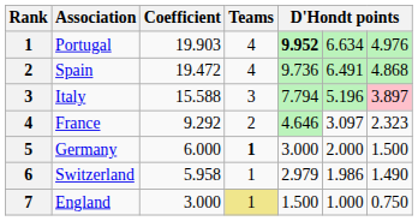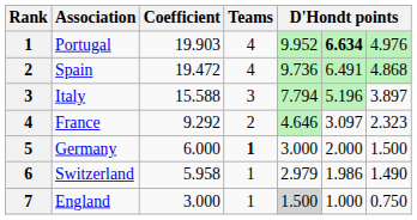 <table class="wikitable">
 <tr>
 <th>Rank</th>
 <th>Association</th>
 <th>Coefficient</th>
 <th>Teams</th>
 <th colspan=4>D'Hondt points</th>
 </tr>
 <tr>
 <th>1</th>
 <td> <a href='#'>Portugal</a></td>
 <td align=right>19.903</td>
 <td align=center>4</td>
-<td align=right bgcolor=#BBF3BB><strong>9.952</strong></td>
-<td align=right bgcolor=#BBF3BB>6.634</td>
+<td align=right bgcolor=#BBF3BB>9.952</td>
+<td align=right bgcolor=#BBF3BB><strong>6.634</strong></td>
 <td align=right bgcolor=#BBF3BB>4.976</td>
 </tr>
 <tr>
 <th>2</th>
 <td> <a href='#'>Spain</a></td>
 <td align=right>19.472</td>
 <td align=center>4</td>
 <td align=right bgcolor=#BBF3BB>9.736</td>
 <td align=right bgcolor=#BBF3BB>6.491</td>
 <td align=right bgcolor=#BBF3BB>4.868</td>
 </tr>
 <tr>
 <th>3</th>
 <td> <a href='#'>Italy</a></td>
 <td align=right>15.588</td>
 <td align=center>3</td>
 <td align=right bgcolor=#BBF3BB>7.794</td>
 <td align=right bgcolor=#BBF3BB>5.196</td>
-<td align=right style="background: pink;">3.897</td>
+<td align=right>3.897</td>
 </tr>
 <tr>
 <th>4</th>
 <td> <a href='#'>France</a></td>
 <td align=right>9.292</td>
 <td align=center>2</td>
 <td align=right bgcolor=#BBF3BB>4.646</td>
 <td align=right>3.097</td>
 <td align=right>2.323</td>
 </tr>
 <tr>
 <th>5</th>
 <td> <a href='#'>Germany</a></td>
 <td align=right>6.000</td>
 <td align=center><strong>1</strong></td>
 <td align=right>3.000</td>
 <td align=right>2.000</td>
 <td align=right>1.500</td>
 </tr>
 <tr>
 <th>6</th>
 <td> <a href='#'>Switzerland</a></td>
 <td align=right>5.958</td>
 <td align=center>1</td>
 <td align=right>2.979</td>
 <td align=right>1.986</td>
 <td align=right>1.490</td>
 </tr>
 <tr>
 <th>7</th>
 <td> <a href='#'>England</a></td>
 <td align=right>3.000</td>
-<td align=center style="background: khaki;">1</td>
-<td align=right>1.500</td>
+<td align=center>1</td>
+<td align=right style="background: lightgrey;">1.500</td>
 <td align=right>1.000</td>
 <td align=right>0.750</td>
 </tr>
 </table>
